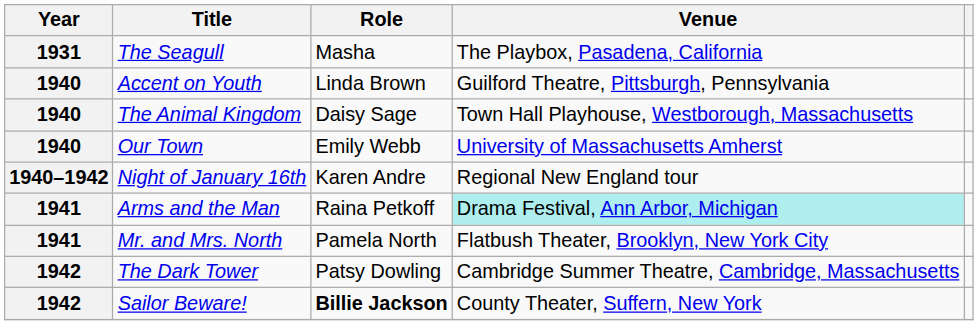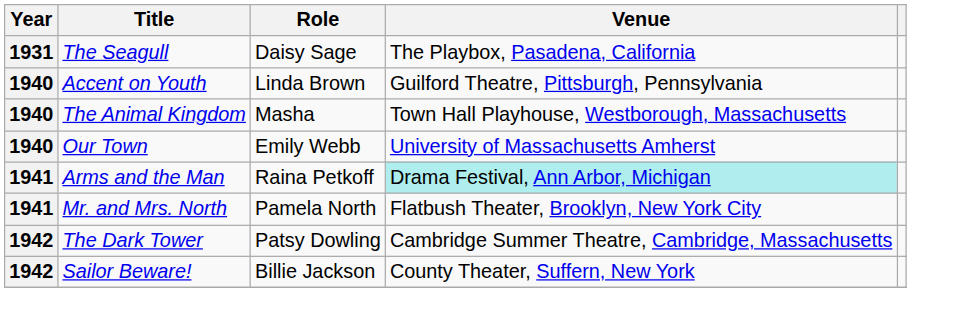 <table class="wikitable sortable plainrowheaders">
 <tr>
 <th>Year</th>
 <th>Title</th>
 <th>Role</th>
 <th>Venue</th>
 <th class="unsortable"></th>
 </tr>
 <tr>
 <th scope="row">1931</th>
 <td><em><a href='#'>The Seagull</a></em></td>
-<td>Masha</td>
+<td>Daisy Sage</td>
 <td>The Playbox, <a href='#'>Pasadena, California</a></td>
 <td style="text-align:center;"></td>
 </tr>
 <tr>
 <th scope="row">1940</th>
 <td><em><a href='#'>Accent on Youth</a></em></td>
 <td>Linda Brown</td>
 <td>Guilford Theatre, <a href='#'>Pittsburgh</a>, Pennsylvania</td>
 <td style="text-align:center;"></td>
 </tr>
 <tr>
 <th scope="row">1940</th>
 <td><em><a href='#'>The Animal Kingdom</a></em></td>
-<td>Daisy Sage</td>
+<td>Masha</td>
 <td>Town Hall Playhouse, <a href='#'>Westborough, Massachusetts</a></td>
 <td style="text-align:center;"></td>
 </tr>
 <tr>
 <th scope="row">1940</th>
 <td><em><a href='#'>Our Town</a></em></td>
 <td>Emily Webb</td>
 <td><a href='#'>University of Massachusetts Amherst</a></td>
-<td style="text-align:center;"></td>
-</tr>
-<tr>
-<th scope="row">1940–1942</th>
-<td><em><a href='#'>Night of January 16th</a></em></td>
-<td>Karen Andre</td>
-<td>Regional New England tour</td>
 <td style="text-align:center;"></td>
 </tr>
 <tr>
 <th scope="row">1941</th>
 <td><em><a href='#'>Arms and the Man</a></em></td>
 <td>Raina Petkoff</td>
 <td style="background: paleturquoise;">Drama Festival, <a href='#'>Ann Arbor, Michigan</a></td>
 <td style="text-align:center;'"></td>
 </tr>
 <tr>
 <th scope="row">1941</th>
 <td><em><a href='#'>Mr. and Mrs. North</a></em></td>
 <td>Pamela North</td>
 <td>Flatbush Theater, <a href='#'>Brooklyn, New York City</a></td>
 <td style="text-align:center;'"></td>
 </tr>
 <tr>
 <th scope="row">1942</th>
 <td><em><a href='#'>The Dark Tower</a></em></td>
 <td>Patsy Dowling</td>
 <td>Cambridge Summer Theatre, <a href='#'>Cambridge, Massachusetts</a></td>
 <td style="text-align:center;"></td>
 </tr>
 <tr>
 <th scope="row">1942</th>
 <td><em><a href='#'>Sailor Beware!</a></em></td>
-<td><strong>Billie Jackson</strong></td>
+<td>Billie Jackson</td>
 <td>County Theater, <a href='#'>Suffern, New York</a></td>
 <td style="text-align:center;"></td>
 </tr>
 <tr>
 </tr>
 </table>
